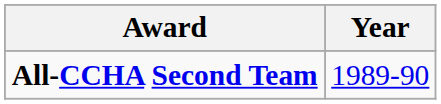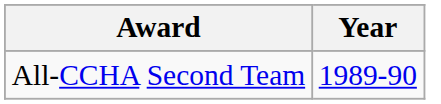 <table class="wikitable">
 <tr>
 <th>Award</th>
 <th>Year</th>
 </tr>
 <tr>
-<td><strong>All-<a href='#'>CCHA</a> <a href='#'>Second Team</a></strong></td>
+<td>All-<a href='#'>CCHA</a> <a href='#'>Second Team</a></td>
 <td><a href='#'>1989-90</a></td>
 </tr>
 </table>
